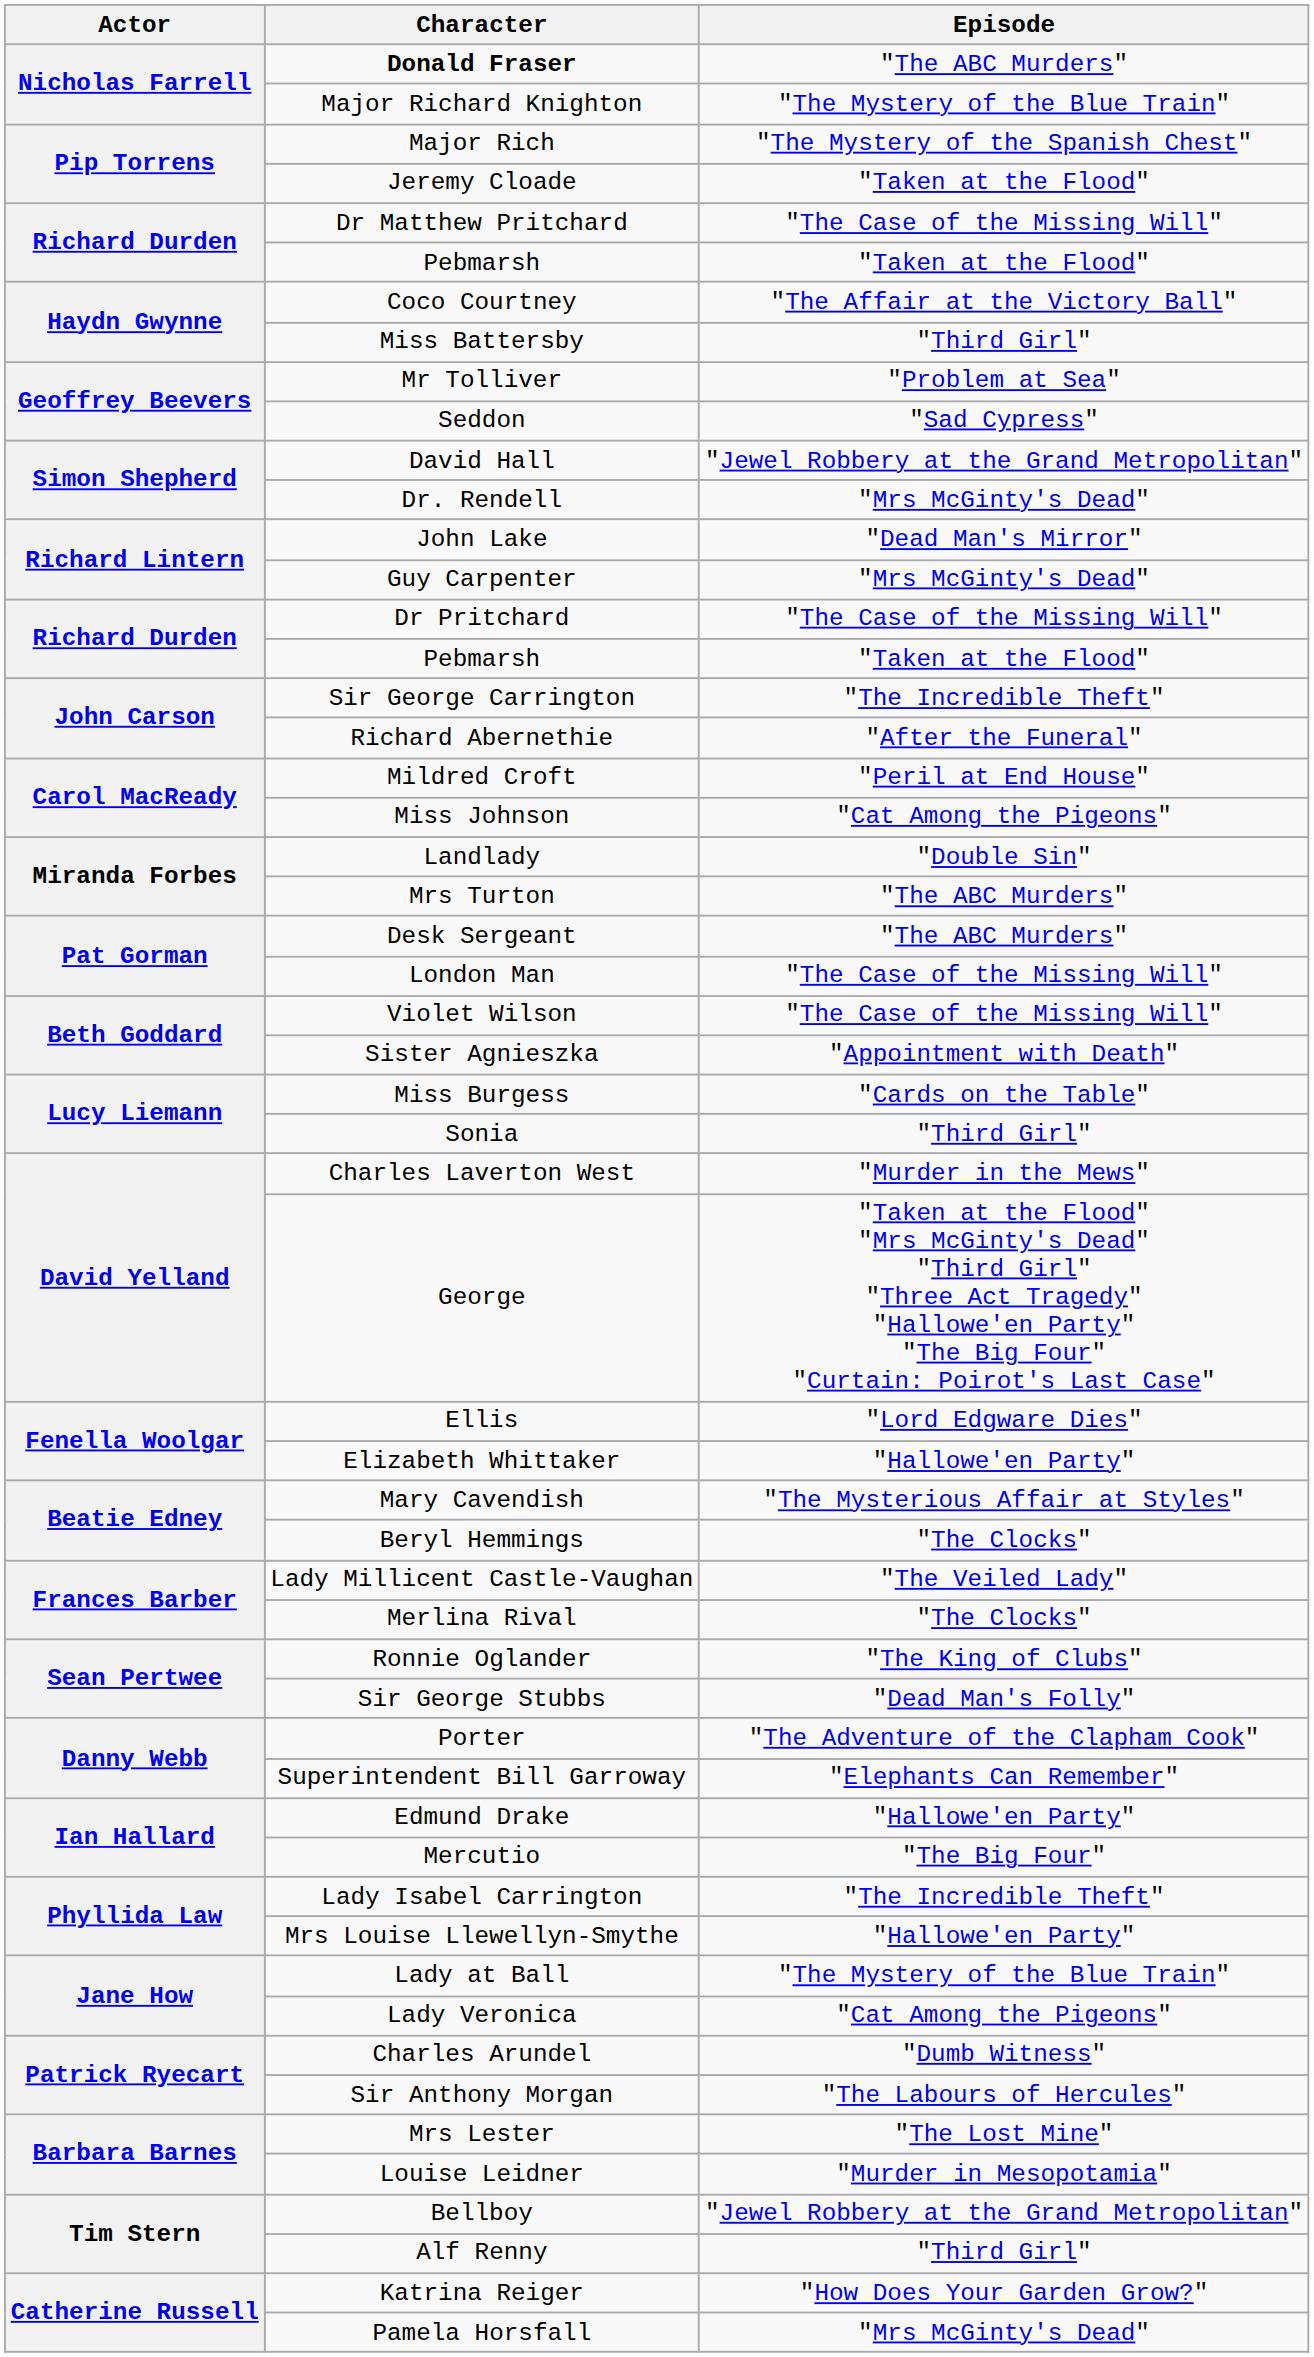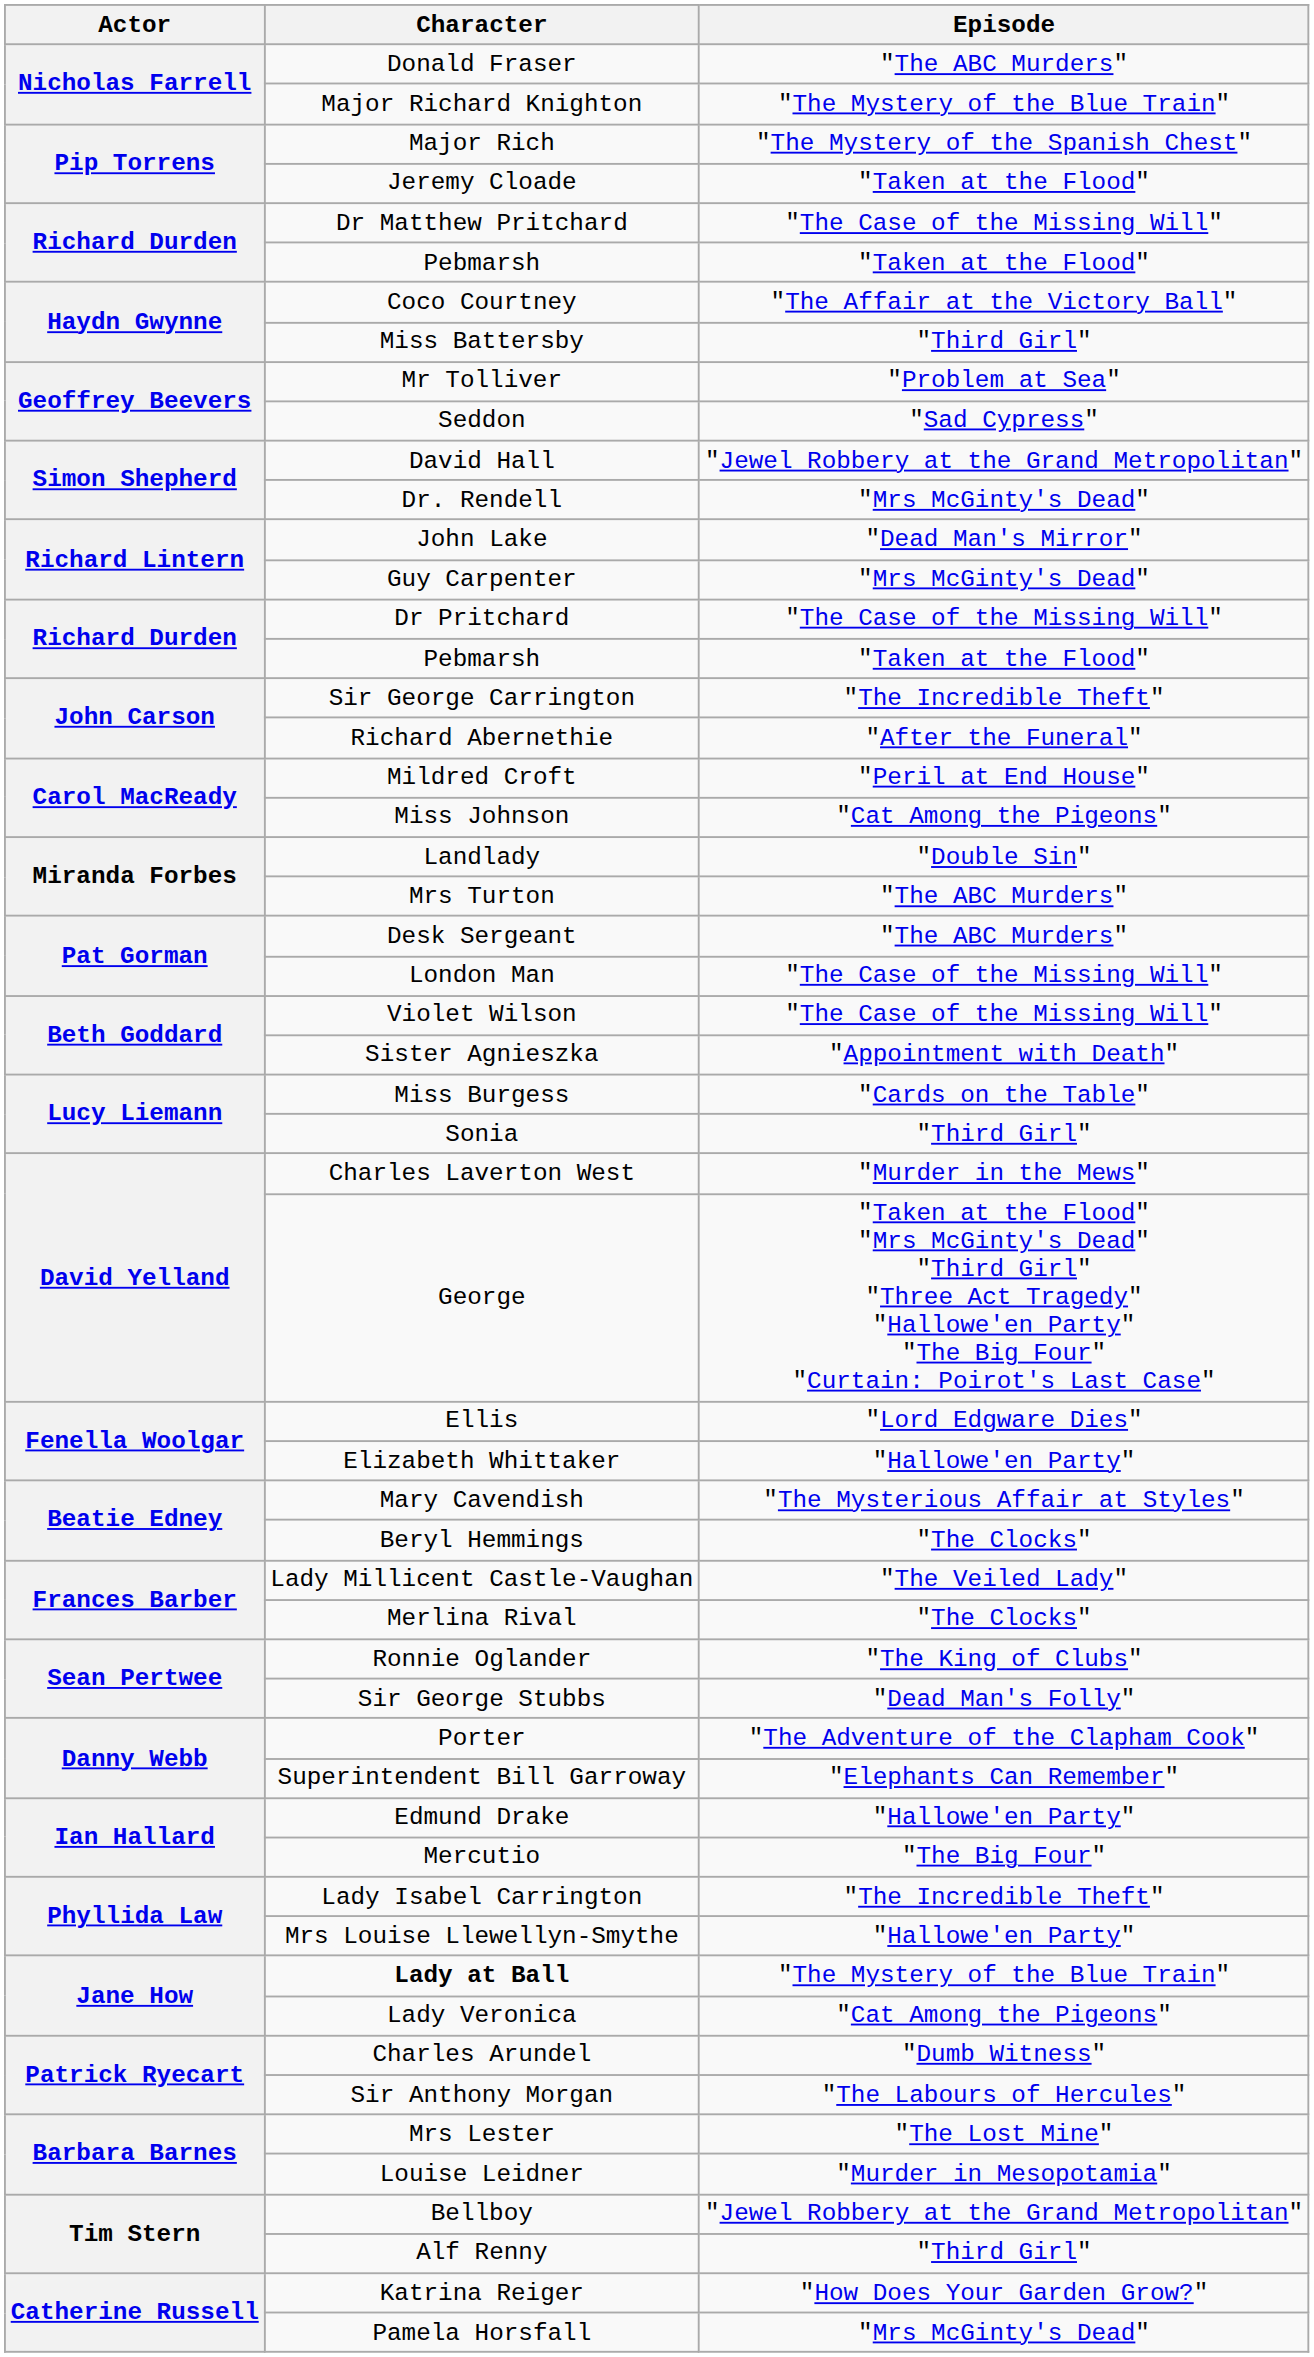 <table class="wikitable" style="text-align: center;">
 <tr>
 <th scope="col">Actor</th>
 <th scope="col">Character</th>
 <th scope="col">Episode</th>
 </tr>
 <tr>
 <th scope="row" rowspan="2"><a href='#'>Nicholas Farrell</a></th>
-<td><strong>Donald Fraser</strong></td>
+<td>Donald Fraser</td>
 <td>"<a href='#'>The ABC Murders</a>" </td>
 </tr>
 <tr>
 <td>Major Richard Knighton</td>
 <td>"<a href='#'>The Mystery of the Blue Train</a>" </td>
 </tr>
 <tr>
 <th scope="row" rowspan="2"><a href='#'>Pip Torrens</a></th>
 <td>Major Rich</td>
 <td>"<a href='#'>The Mystery of the Spanish Chest</a>" </td>
 </tr>
 <tr>
 <td>Jeremy Cloade</td>
 <td>"<a href='#'>Taken at the Flood</a>" </td>
 </tr>
 <tr>
 <th scope="row" rowspan="2"><a href='#'>Richard Durden</a></th>
 <td>Dr Matthew Pritchard</td>
 <td>"<a href='#'>The Case of the Missing Will</a>" </td>
 </tr>
 <tr>
 <td>Pebmarsh</td>
 <td>"<a href='#'>Taken at the Flood</a>" </td>
 </tr>
 <tr>
 <th scope="row" rowspan="2"><a href='#'>Haydn Gwynne</a></th>
 <td>Coco Courtney</td>
 <td>"<a href='#'>The Affair at the Victory Ball</a>" </td>
 </tr>
 <tr>
 <td>Miss Battersby</td>
 <td>"<a href='#'>Third Girl</a>" </td>
 </tr>
 <tr>
 <th scope="row" rowspan="2"><a href='#'>Geoffrey Beevers</a></th>
 <td>Mr Tolliver</td>
 <td>"<a href='#'>Problem at Sea</a>" </td>
 </tr>
 <tr>
 <td>Seddon</td>
 <td>"<a href='#'>Sad Cypress</a>" </td>
 </tr>
 <tr>
 <th scope="row" rowspan="2"><a href='#'>Simon Shepherd</a></th>
 <td>David Hall</td>
 <td>"<a href='#'>Jewel Robbery at the Grand Metropolitan</a>" </td>
 </tr>
 <tr>
 <td>Dr. Rendell</td>
 <td>"<a href='#'>Mrs McGinty's Dead</a>" </td>
 </tr>
 <tr>
 <th scope="row" rowspan="2"><a href='#'>Richard Lintern</a></th>
 <td>John Lake</td>
 <td>"<a href='#'>Dead Man's Mirror</a>" </td>
 </tr>
 <tr>
 <td>Guy Carpenter</td>
 <td>"<a href='#'>Mrs McGinty's Dead</a>" </td>
 </tr>
 <tr>
 <th scope="row" rowspan="2"><a href='#'>Richard Durden</a></th>
 <td>Dr Pritchard</td>
 <td>"<a href='#'>The Case of the Missing Will</a>" </td>
 </tr>
 <tr>
 <td>Pebmarsh</td>
 <td>"<a href='#'>Taken at the Flood</a>" </td>
 </tr>
 <tr>
 <th scope="row" rowspan="2"><a href='#'>John Carson</a></th>
 <td>Sir George Carrington</td>
 <td>"<a href='#'>The Incredible Theft</a>" </td>
 </tr>
 <tr>
 <td>Richard Abernethie</td>
 <td>"<a href='#'>After the Funeral</a>" </td>
 </tr>
 <tr>
 <th scope="row" rowspan="2"><a href='#'>Carol MacReady</a></th>
 <td>Mildred Croft</td>
 <td>"<a href='#'>Peril at End House</a>" </td>
 </tr>
 <tr>
 <td>Miss Johnson</td>
 <td>"<a href='#'>Cat Among the Pigeons</a>" </td>
 </tr>
 <tr>
 <th scope="row" rowspan="2">Miranda Forbes</th>
 <td>Landlady</td>
 <td>"<a href='#'>Double Sin</a>" </td>
 </tr>
 <tr>
 <td>Mrs Turton</td>
 <td>"<a href='#'>The ABC Murders</a>" </td>
 </tr>
 <tr>
 <th scope="row" rowspan="2"><a href='#'>Pat Gorman</a></th>
 <td>Desk Sergeant</td>
 <td>"<a href='#'>The ABC Murders</a>" </td>
 </tr>
 <tr>
 <td>London Man</td>
 <td>"<a href='#'>The Case of the Missing Will</a>" </td>
 </tr>
 <tr>
 <th scope="row" rowspan="2"><a href='#'>Beth Goddard</a></th>
 <td>Violet Wilson</td>
 <td>"<a href='#'>The Case of the Missing Will</a>" </td>
 </tr>
 <tr>
 <td>Sister Agnieszka</td>
 <td>"<a href='#'>Appointment with Death</a>" </td>
 </tr>
 <tr>
 <th scope="row" rowspan="2"><a href='#'>Lucy Liemann</a></th>
 <td>Miss Burgess</td>
 <td>"<a href='#'>Cards on the Table</a>" </td>
 </tr>
 <tr>
 <td>Sonia</td>
 <td>"<a href='#'>Third Girl</a>" </td>
 </tr>
 <tr>
 <th scope="row" rowspan="2"><a href='#'>David Yelland</a></th>
 <td>Charles Laverton West</td>
 <td>"<a href='#'>Murder in the Mews</a>" </td>
 </tr>
 <tr>
 <td>George</td>
 <td>"<a href='#'>Taken at the Flood</a>" <br>"<a href='#'>Mrs McGinty's Dead</a>" <br>"<a href='#'>Third Girl</a>" <br>"<a href='#'>Three Act Tragedy</a>" <br>"<a href='#'>Hallowe'en Party</a>" <br>"<a href='#'>The Big Four</a>" <br>"<a href='#'>Curtain: Poirot's Last Case</a>" </td>
 </tr>
 <tr>
 <th scope="row" rowspan="2"><a href='#'>Fenella Woolgar</a></th>
 <td>Ellis</td>
 <td>"<a href='#'>Lord Edgware Dies</a>" </td>
 </tr>
 <tr>
 <td>Elizabeth Whittaker</td>
 <td>"<a href='#'>Hallowe'en Party</a>" </td>
 </tr>
 <tr>
 <th scope="row" rowspan="2"><a href='#'>Beatie Edney</a></th>
 <td>Mary Cavendish</td>
 <td>"<a href='#'>The Mysterious Affair at Styles</a>" </td>
 </tr>
 <tr>
 <td>Beryl Hemmings</td>
 <td>"<a href='#'>The Clocks</a>" </td>
 </tr>
 <tr>
 <th scope="row" rowspan="2"><a href='#'>Frances Barber</a></th>
 <td>Lady Millicent Castle-Vaughan</td>
 <td>"<a href='#'>The Veiled Lady</a>" </td>
 </tr>
 <tr>
 <td>Merlina Rival</td>
 <td>"<a href='#'>The Clocks</a>" </td>
 </tr>
 <tr>
 <th scope="row" rowspan="2"><a href='#'>Sean Pertwee</a></th>
 <td>Ronnie Oglander</td>
 <td>"<a href='#'>The King of Clubs</a>" </td>
 </tr>
 <tr>
 <td>Sir George Stubbs</td>
 <td>"<a href='#'>Dead Man's Folly</a>" </td>
 </tr>
 <tr>
 <th scope="row" rowspan="2"><a href='#'>Danny Webb</a></th>
 <td>Porter</td>
 <td>"<a href='#'>The Adventure of the Clapham Cook</a>" </td>
 </tr>
 <tr>
 <td>Superintendent Bill Garroway</td>
 <td>"<a href='#'>Elephants Can Remember</a>" </td>
 </tr>
 <tr>
 <th scope="row" rowspan="2"><a href='#'>Ian Hallard</a></th>
 <td>Edmund Drake</td>
 <td>"<a href='#'>Hallowe'en Party</a>" </td>
 </tr>
 <tr>
 <td>Mercutio</td>
 <td>"<a href='#'>The Big Four</a>" </td>
 </tr>
 <tr>
 <th scope="row" rowspan="2"><a href='#'>Phyllida Law</a></th>
 <td>Lady Isabel Carrington</td>
 <td>"<a href='#'>The Incredible Theft</a>" </td>
 </tr>
 <tr>
 <td>Mrs Louise Llewellyn-Smythe</td>
 <td>"<a href='#'>Hallowe'en Party</a>" </td>
 </tr>
 <tr>
 <th scope="row" rowspan="2"><a href='#'>Jane How</a></th>
-<td>Lady at Ball</td>
+<td><strong>Lady at Ball</strong></td>
 <td>"<a href='#'>The Mystery of the Blue Train</a>" </td>
 </tr>
 <tr>
 <td>Lady Veronica</td>
 <td>"<a href='#'>Cat Among the Pigeons</a>" </td>
 </tr>
 <tr>
 <th scope="row" rowspan="2"><a href='#'>Patrick Ryecart</a></th>
 <td>Charles Arundel</td>
 <td>"<a href='#'>Dumb Witness</a>" </td>
 </tr>
 <tr>
 <td>Sir Anthony Morgan</td>
 <td>"<a href='#'>The Labours of Hercules</a>" </td>
 </tr>
 <tr>
 <th scope="row" rowspan="2"><a href='#'>Barbara Barnes</a></th>
 <td>Mrs Lester</td>
 <td>"<a href='#'>The Lost Mine</a>" </td>
 </tr>
 <tr>
 <td>Louise Leidner</td>
 <td>"<a href='#'>Murder in Mesopotamia</a>" </td>
 </tr>
 <tr>
 <th scope="row" rowspan="2">Tim Stern</th>
 <td>Bellboy</td>
 <td>"<a href='#'>Jewel Robbery at the Grand Metropolitan</a>" </td>
 </tr>
 <tr>
 <td>Alf Renny</td>
 <td>"<a href='#'>Third Girl</a>" </td>
 </tr>
 <tr>
 <th scope="row" rowspan="2"><a href='#'>Catherine Russell</a></th>
 <td>Katrina Reiger</td>
 <td>"<a href='#'>How Does Your Garden Grow?</a>" </td>
 </tr>
 <tr>
 <td>Pamela Horsfall</td>
 <td>"<a href='#'>Mrs McGinty's Dead</a>" </td>
 </tr>
 </table>
